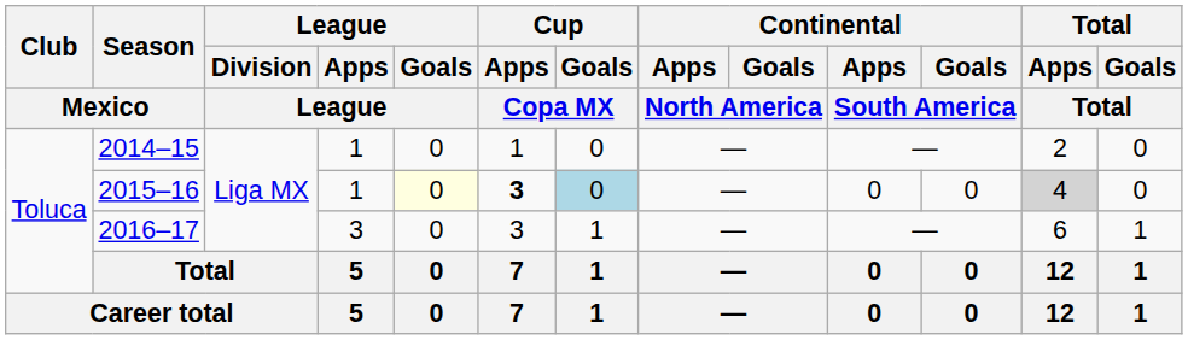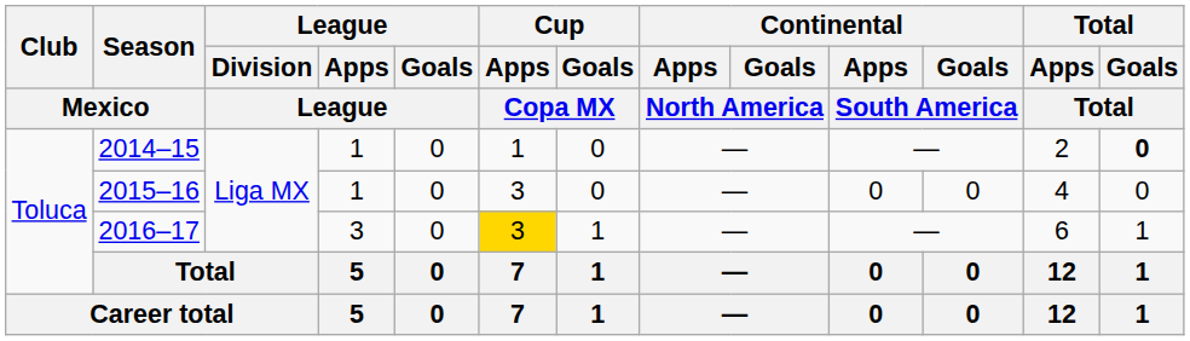 <table class="wikitable" style="text-align:center">
 <tr>
 <th rowspan="2">Club</th>
 <th rowspan="2">Season</th>
 <th colspan="3">League</th>
 <th colspan="2">Cup</th>
 <th colspan="4">Continental</th>
 <th colspan="2">Total</th>
 </tr>
 <tr>
 <th>Division</th>
 <th>Apps</th>
 <th>Goals</th>
 <th>Apps</th>
 <th>Goals</th>
 <th>Apps</th>
 <th>Goals</th>
 <th>Apps</th>
 <th>Goals</th>
 <th>Apps</th>
 <th>Goals</th>
 </tr>
 <tr>
 <th colspan="2">Mexico</th>
 <th colspan="3">League</th>
 <th colspan="2"><a href='#'>Copa MX</a></th>
 <th colspan="2"><a href='#'>North America</a></th>
 <th colspan="2"><a href='#'>South America</a></th>
 <th colspan="2">Total</th>
 </tr>
 <tr>
 <td rowspan="4"><a href='#'>Toluca</a></td>
 <td><a href='#'>2014–15</a></td>
 <td rowspan="3"><a href='#'>Liga MX</a></td>
 <td>1</td>
 <td>0</td>
 <td>1</td>
 <td>0</td>
 <td colspan="2">—</td>
 <td colspan="2">—</td>
 <td>2</td>
-<td>0</td>
+<td><strong>0</strong></td>
 </tr>
 <tr>
 <td><a href='#'>2015–16</a></td>
 <td>1</td>
-<td style="background: lightyellow;">0</td>
-<td><strong>3</strong></td>
-<td style="background: lightblue;">0</td>
+<td>0</td>
+<td>3</td>
+<td>0</td>
 <td colspan="2">—</td>
 <td>0</td>
 <td>0</td>
-<td style="background: lightgrey;">4</td>
+<td>4</td>
 <td>0</td>
 </tr>
 <tr>
 <td><a href='#'>2016–17</a></td>
 <td>3</td>
 <td>0</td>
-<td>3</td>
+<td style="background: gold;">3</td>
 <td>1</td>
 <td colspan="2">—</td>
 <td colspan="2">—</td>
 <td>6</td>
 <td>1</td>
 </tr>
 <tr>
 <th colspan="2">Total</th>
 <th>5</th>
 <th>0</th>
 <th>7</th>
 <th>1</th>
 <th colspan="2">—</th>
 <th>0</th>
 <th>0</th>
 <th>12</th>
 <th>1</th>
 </tr>
 <tr>
 <th colspan="3">Career total</th>
 <th>5</th>
 <th>0</th>
 <th>7</th>
 <th>1</th>
 <th colspan="2">—</th>
 <th>0</th>
 <th>0</th>
 <th>12</th>
 <th>1</th>
 </tr>
 </table>
